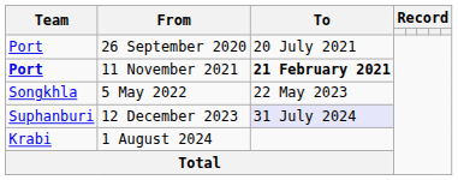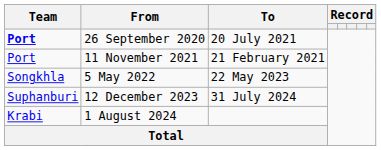 <table class="wikitable" style="text-align: center">
 <tr>
 <th rowspan="2">Team</th>
 <th rowspan="2">From</th>
 <th rowspan="2">To</th>
 <th colspan="5">Record</th>
 </tr>
 <tr>
 <th></th>
 <th></th>
 <th></th>
 <th></th>
 <th></th>
 </tr>
 <tr>
-<td align="left"><a href='#'>Port</a></td>
+<td align="left"><strong><a href='#'>Port</a></strong></td>
 <td align="left">26 September 2020</td>
 <td align="left">20 July 2021<br></td>
 </tr>
 <tr>
-<td align="left"><strong><a href='#'>Port</a></strong></td>
+<td align="left"><a href='#'>Port</a></td>
 <td align="left">11 November 2021</td>
-<td align="left"><strong>21 February 2021<br></strong></td>
+<td align="left">21 February 2021<br></td>
 </tr>
 <tr>
 <td align="left"><a href='#'>Songkhla</a></td>
 <td align="left">5 May 2022</td>
 <td align="left">22 May 2023<br></td>
 </tr>
 <tr>
 <td align="left"><a href='#'>Suphanburi</a></td>
 <td align="left">12 December 2023</td>
-<td align="left" style="background: lavender;">31 July 2024<br></td>
+<td align="left">31 July 2024<br></td>
 </tr>
 <tr>
 <td align="left"><a href='#'>Krabi</a></td>
 <td align="left">1 August 2024</td>
 <td align="left"><br></td>
 </tr>
 <tr>
 <th colspan="3">Total<br></th>
 </tr>
 </table>
